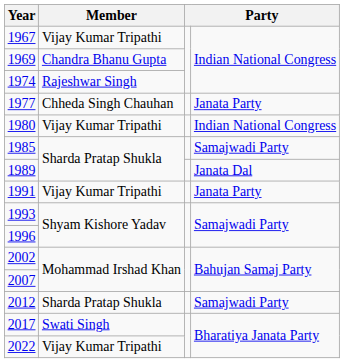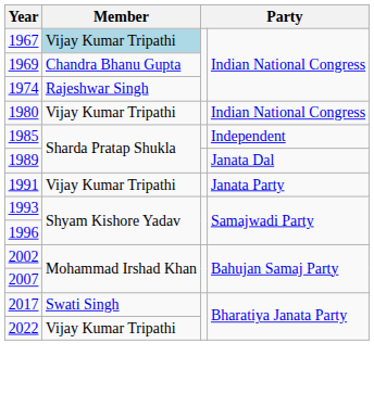 <table class="wikitable">
 <tr>
 <th>Year</th>
 <th>Member</th>
 <th colspan="2">Party</th>
 </tr>
 <tr>
 <td><a href='#'>1967</a></td>
-<td>Vijay Kumar Tripathi</td>
+<td style="background: lightblue;">Vijay Kumar Tripathi</td>
 <td rowspan="3" style="background-color: "></td>
 <td rowspan="3"><a href='#'>Indian National Congress</a></td>
 </tr>
 <tr>
 <td><a href='#'>1969</a></td>
 <td><a href='#'>Chandra Bhanu Gupta</a></td>
 </tr>
 <tr>
 <td><a href='#'>1974</a></td>
 <td><a href='#'>Rajeshwar Singh</a></td>
 </tr>
 <tr>
-<td><a href='#'>1977</a></td>
-<td>Chheda Singh Chauhan</td>
-<td style="background-color: "></td>
-<td><a href='#'>Janata Party</a></td>
-</tr>
-<tr>
 <td><a href='#'>1980</a></td>
 <td>Vijay Kumar Tripathi</td>
 <td style="background-color: "></td>
 <td><a href='#'>Indian National Congress</a></td>
 </tr>
 <tr>
 <td><a href='#'>1985</a></td>
 <td rowspan="2">Sharda Pratap Shukla</td>
 <td style="background-color: "></td>
-<td><a href='#'>Samajwadi Party</a></td>
+<td><a href='#'>Independent</a></td>
 </tr>
 <tr>
 <td><a href='#'>1989</a></td>
 <td style="background-color: "></td>
 <td><a href='#'>Janata Dal</a></td>
 </tr>
 <tr>
 <td><a href='#'>1991</a></td>
 <td>Vijay Kumar Tripathi</td>
 <td style="background-color: "></td>
 <td><a href='#'>Janata Party</a></td>
 </tr>
 <tr>
 <td><a href='#'>1993</a></td>
 <td rowspan="2">Shyam Kishore Yadav</td>
 <td rowspan="2" style="background-color: "></td>
 <td rowspan="2"><a href='#'>Samajwadi Party</a></td>
 </tr>
 <tr>
 <td><a href='#'>1996</a></td>
 </tr>
 <tr>
 <td><a href='#'>2002</a></td>
 <td rowspan="2">Mohammad Irshad Khan</td>
 <td rowspan="2" style="background-color: "></td>
 <td rowspan="2"><a href='#'>Bahujan Samaj Party</a></td>
 </tr>
 <tr>
 <td><a href='#'>2007</a></td>
 </tr>
 <tr>
-<td><a href='#'>2012</a></td>
-<td>Sharda Pratap Shukla</td>
-<td style="background-color: "></td>
-<td><a href='#'>Samajwadi Party</a></td>
-</tr>
-<tr>
 <td><a href='#'>2017</a></td>
 <td><a href='#'>Swati Singh</a></td>
 <td rowspan="2" style="background-color: "></td>
 <td rowspan="2"><a href='#'>Bharatiya Janata Party</a></td>
 </tr>
 <tr>
 <td><a href='#'>2022</a></td>
 <td>Vijay Kumar Tripathi</td>
 </tr>
 </table>
